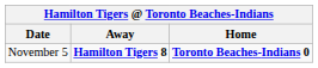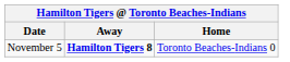 <table class="wikitable">
 <tr>
 <th colspan="4"><a href='#'>Hamilton Tigers</a> @ <a href='#'>Toronto Beaches-</a><a href='#'>Indians</a></th>
 </tr>
 <tr>
 <th>Date</th>
 <th>Away</th>
 <th>Home</th>
 </tr>
 <tr>
 <td>November 5</td>
 <td><strong><a href='#'>Hamilton Tigers</a> 8</strong></td>
-<td><strong><a href='#'>Toronto Beaches-</a><a href='#'>Indians</a> 0</strong></td>
+<td><a href='#'>Toronto Beaches-</a><a href='#'>Indians</a> 0</td>
 </tr>
 </table>
